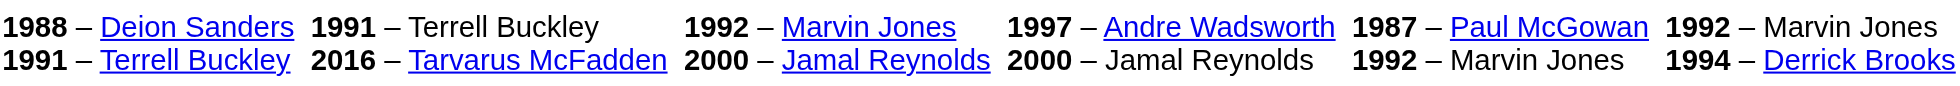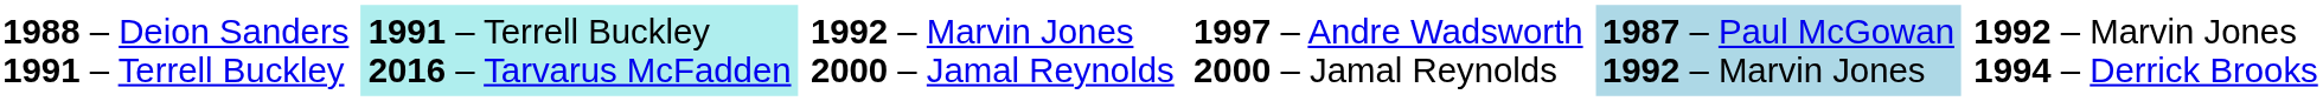 <table cellpadding="3" style="font-size:.9em">
 <tr>
 </tr>
 <tr>
 </tr>
 <tr style="vertical-align:top;">
 <td><strong>1988</strong> – <a href='#'>Deion Sanders</a><br><strong>1991</strong> – <a href='#'>Terrell Buckley</a></td>
-<td><strong>1991</strong> – Terrell Buckley<br><strong>2016</strong> – <a href='#'>Tarvarus McFadden</a></td>
+<td style="background: paleturquoise;"><strong>1991</strong> – Terrell Buckley<br><strong>2016</strong> – <a href='#'>Tarvarus McFadden</a></td>
 <td><strong>1992</strong> – <a href='#'>Marvin Jones</a><br><strong>2000</strong> – <a href='#'>Jamal Reynolds</a></td>
 <td><strong>1997</strong> – <a href='#'>Andre Wadsworth</a><br><strong>2000</strong> – Jamal Reynolds</td>
-<td><strong>1987</strong> – <a href='#'>Paul McGowan</a><br><strong>1992</strong> – Marvin Jones</td>
+<td style="background: lightblue;"><strong>1987</strong> – <a href='#'>Paul McGowan</a><br><strong>1992</strong> – Marvin Jones</td>
 <td><strong>1992</strong> – Marvin Jones<br><strong>1994</strong> – <a href='#'>Derrick Brooks</a></td>
 </tr>
 </table>
